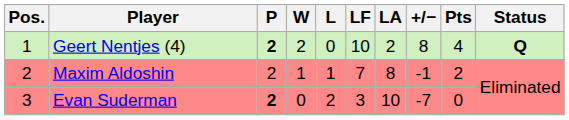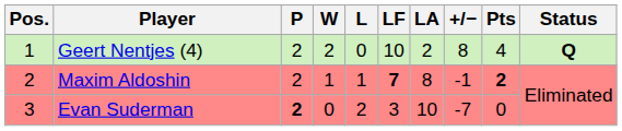 <table class="wikitable" style="text-align:center; margin: 1em auto 1em auto, align:left">
 <tr>
 <th width=20>Pos.</th>
 <th width=185>Player</th>
 <th width=20>P</th>
 <th width=20>W</th>
 <th width=20>L</th>
 <th width=20>LF</th>
 <th width=20>LA</th>
 <th width=25>+/−</th>
 <th width=20>Pts</th>
 <th width=70>Status</th>
 </tr>
 <tr style="background:#D0F0C0;">
 <td>1</td>
 <td align=left> <a href='#'>Geert Nentjes</a> (4)</td>
-<td><strong>2</strong></td>
+<td>2</td>
 <td>2</td>
 <td>0</td>
 <td>10</td>
 <td>2</td>
 <td>8</td>
 <td>4</td>
 <td rowspan=1><strong>Q</strong></td>
 </tr>
 <tr style="background:#FF8888;">
 <td>2</td>
 <td align=left> <a href='#'>Maxim Aldoshin</a></td>
 <td>2</td>
 <td>1</td>
 <td>1</td>
-<td>7</td>
+<td><strong>7</strong></td>
 <td>8</td>
 <td>-1</td>
-<td>2</td>
+<td><strong>2</strong></td>
 <td rowspan=2>Eliminated</td>
 </tr>
 <tr style="background:#FF8888;">
 <td>3</td>
 <td align=left> <a href='#'>Evan Suderman</a></td>
 <td><strong>2</strong></td>
 <td>0</td>
 <td>2</td>
 <td>3</td>
 <td>10</td>
 <td>-7</td>
 <td>0</td>
 </tr>
 </table>
